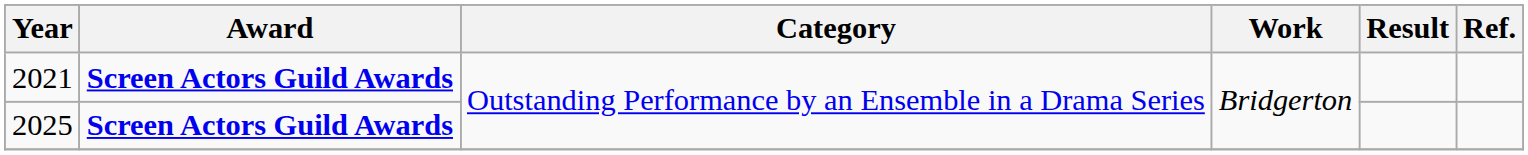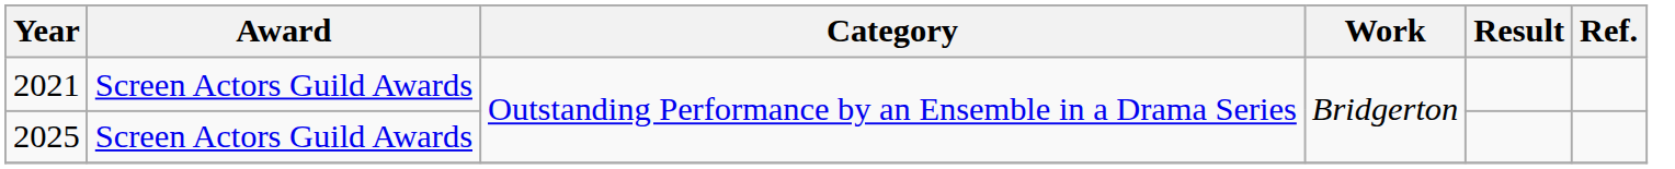 <table class="wikitable">
 <tr>
 <th>Year</th>
 <th>Award</th>
 <th>Category</th>
 <th>Work</th>
 <th>Result</th>
 <th>Ref.</th>
 </tr>
 <tr>
 <td>2021</td>
-<td><strong><a href='#'>Screen Actors Guild Awards</a></strong></td>
+<td><a href='#'>Screen Actors Guild Awards</a></td>
 <td rowspan="2"><a href='#'>Outstanding Performance by an Ensemble in a Drama Series</a></td>
 <td rowspan="2"><em>Bridgerton</em></td>
 <td></td>
 <td></td>
 </tr>
 <tr>
 <td>2025</td>
-<td><strong><a href='#'>Screen Actors Guild Awards</a></strong></td>
+<td><a href='#'>Screen Actors Guild Awards</a></td>
 <td></td>
 <td></td>
 </tr>
 <tr>
 </tr>
 </table>
